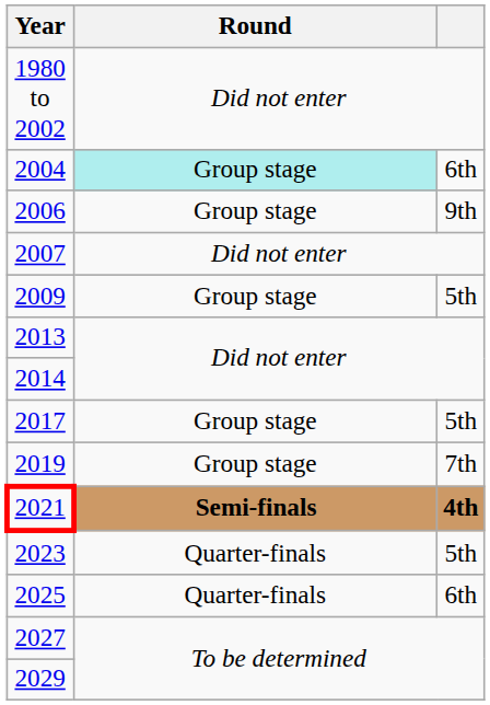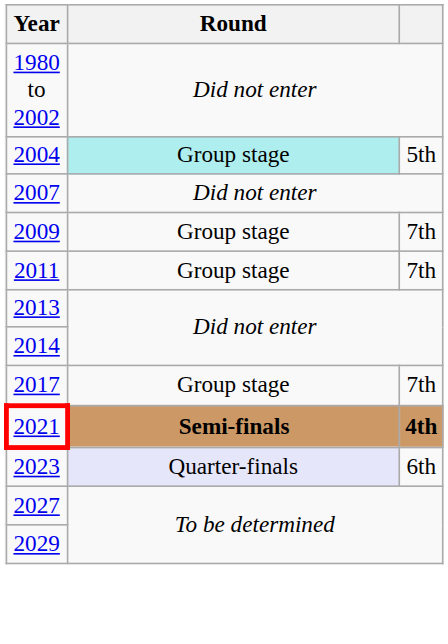 <table class="wikitable" style="text-align: center; font-size:90%">
 <tr>
 <th>Year</th>
 <th style="width:200px">Round</th>
 <th></th>
 </tr>
 <tr>
 <td><a href='#'>1980</a><br>to<br><a href='#'>2002</a></td>
 <td colspan="2"><em>Did not enter</em></td>
 </tr>
 <tr>
 <td><a href='#'>2004</a></td>
 <td style="background: paleturquoise;">Group stage</td>
-<td>6th</td>
-</tr>
-<tr>
-<td><a href='#'>2006</a></td>
-<td>Group stage</td>
-<td>9th</td>
+<td>5th</td>
 </tr>
 <tr>
 <td><a href='#'>2007</a></td>
 <td colspan="2"><em>Did not enter</em></td>
 </tr>
 <tr>
 <td><a href='#'>2009</a></td>
 <td>Group stage</td>
-<td>5th</td>
+<td>7th</td>
+</tr>
+<tr>
+<td><a href='#'>2011</a></td>
+<td>Group stage</td>
+<td>7th</td>
 </tr>
 <tr>
 <td><a href='#'>2013</a></td>
 <td colspan="2" rowspan="2"><em>Did not enter</em></td>
 </tr>
 <tr>
 <td><a href='#'>2014</a></td>
 </tr>
 <tr>
 <td><a href='#'>2017</a></td>
 <td>Group stage</td>
-<td>5th</td>
-</tr>
-<tr>
-<td><a href='#'>2019</a></td>
-<td>Group stage</td>
 <td>7th</td>
 </tr>
 <tr>
 <td style="border: 3px solid red"><a href='#'>2021</a></td>
 <td bgcolor="cc9966"><strong>Semi-finals</strong></td>
 <td bgcolor="cc9966"><strong>4th</strong></td>
 </tr>
 <tr>
 <td><a href='#'>2023</a></td>
-<td>Quarter-finals</td>
-<td>5th</td>
-</tr>
-<tr>
-<td><a href='#'>2025</a></td>
-<td>Quarter-finals</td>
+<td style="background: lavender;">Quarter-finals</td>
 <td>6th</td>
 </tr>
 <tr>
 <td><a href='#'>2027</a></td>
 <td colspan="2" rowspan="2"><em>To be determined</em></td>
 </tr>
 <tr>
 <td><a href='#'>2029</a></td>
 </tr>
 </table>
